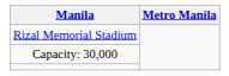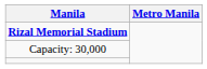 <table class="wikitable" style="margin:1em auto; text-align:center">
 <tr>
 <th><a href='#'>Manila</a></th>
 <th><a href='#'>Metro Manila</a></th>
 </tr>
 <tr>
-<td><a href='#'>Rizal Memorial Stadium</a></td>
+<td><strong><a href='#'>Rizal Memorial Stadium</a></strong></td>
 <td rowspan=7></td>
 </tr>
 <tr>
 <td>Capacity: 30,000</td>
 </tr>
 <tr>
 <td></td>
 </tr>
 </table>
